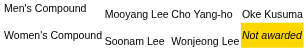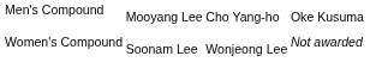 <table>
 <tr>
 <td>Men's Compound</td>
 <td><br>Mooyang Lee</td>
 <td><br>Cho Yang-ho</td>
 <td><br>Oke Kusuma</td>
 </tr>
 <tr>
 <td>Women's Compound</td>
 <td><br>Soonam Lee</td>
 <td><br>Wonjeong Lee</td>
-<td style="background: gold;"><em>Not awarded</em></td>
+<td><em>Not awarded</em></td>
 </tr>
 </table>
